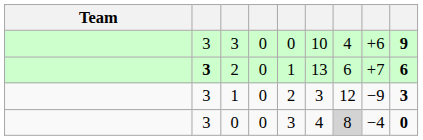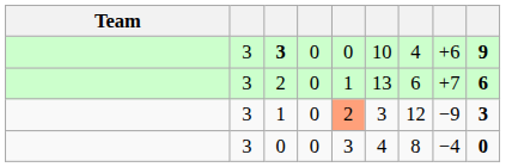 <table class="wikitable" style="text-align: center;">
 <tr>
 <th width="175">Team</th>
 <th width="20"></th>
 <th width="20"></th>
 <th width="20"></th>
 <th width="20"></th>
 <th width="20"></th>
 <th width="20"></th>
 <th width="20"></th>
 <th width="20"></th>
 </tr>
 <tr bgcolor=ccffcc>
 <td align=left></td>
 <td>3</td>
-<td>3</td>
+<td><strong>3</strong></td>
 <td>0</td>
 <td>0</td>
 <td>10</td>
 <td>4</td>
 <td>+6</td>
 <td><strong>9</strong></td>
 </tr>
 <tr bgcolor=ccffcc>
 <td align=left></td>
-<td><strong>3</strong></td>
+<td>3</td>
 <td>2</td>
 <td>0</td>
 <td>1</td>
 <td>13</td>
 <td>6</td>
 <td>+7</td>
 <td><strong>6</strong></td>
 </tr>
 <tr>
 <td align=left></td>
 <td>3</td>
 <td>1</td>
 <td>0</td>
-<td>2</td>
+<td style="background: lightsalmon;">2</td>
 <td>3</td>
 <td>12</td>
 <td>−9</td>
 <td><strong>3</strong></td>
 </tr>
 <tr>
 <td align=left><em></em></td>
 <td>3</td>
 <td>0</td>
 <td>0</td>
 <td>3</td>
 <td>4</td>
-<td style="background: lightgrey;">8</td>
+<td>8</td>
 <td>−4</td>
 <td><strong>0</strong></td>
 </tr>
 </table>
